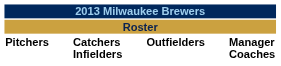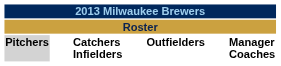 <table class="toccolours" style="font-size: 95%;">
 <tr>
 <th colspan="10" style="background-color: #00285D; color: #9ECEEE; text-align: center;">2013 Milwaukee Brewers</th>
 </tr>
 <tr>
 <td colspan="10" style="background-color: #CBA140; color: #0a2351; text-align: center;"><strong>Roster</strong></td>
 </tr>
 <tr>
-<td valign="top"><strong>Pitchers</strong><br>                    </td>
+<td valign="top" style="background: lightgrey;"><strong>Pitchers</strong><br>                    </td>
 <td width="25px"></td>
 <td valign="top"><strong>Catchers</strong><br>  <strong>Infielders</strong>          </td>
 <td width="25px"></td>
 <td valign="top"><strong>Outfielders</strong><br>      </td>
 <td width="25px"></td>
 <td valign="top"><strong>Manager</strong><br> <strong>Coaches</strong>                </td>
 </tr>
 <tr>
 </tr>
 </table>
